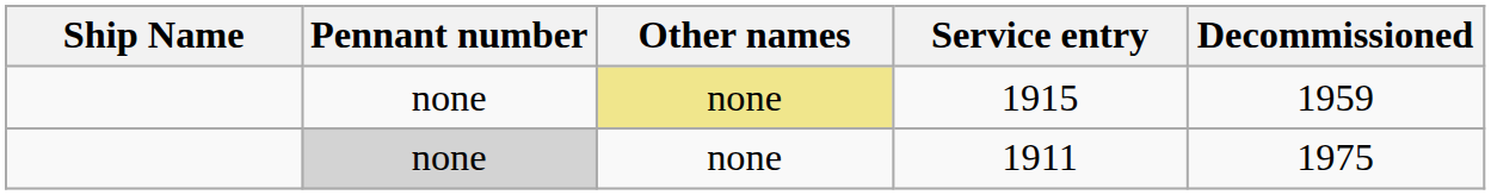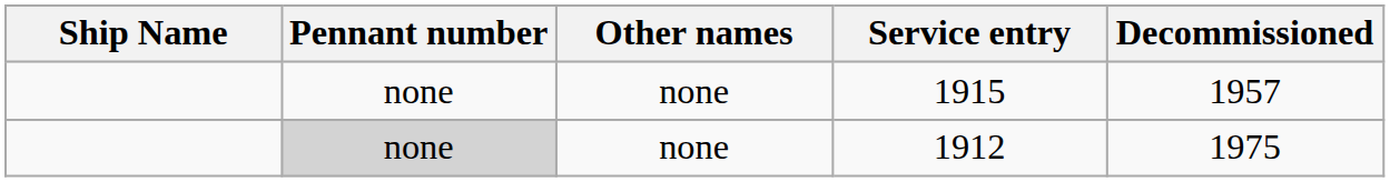 <table class="wikitable">
 <tr>
 <th width="20%" align="left">Ship Name</th>
 <th width="20%" align="center">Pennant number</th>
 <th width="20%" align="center">Other names</th>
 <th width="20%" align="center">Service entry</th>
 <th width="20%" align="center">Decommissioned</th>
 </tr>
 <tr>
 <td align="center"></td>
 <td align="center">none</td>
-<td align="center" style="background: khaki;">none</td>
+<td align="center">none</td>
 <td align="center">1915</td>
-<td align="center">1959</td>
+<td align="center">1957</td>
 </tr>
 <tr>
 <td align="center"></td>
 <td align="center" style="background: lightgrey;">none</td>
 <td align="center">none</td>
-<td align="center">1911</td>
+<td align="center">1912</td>
 <td align="center">1975</td>
 </tr>
 </table>
